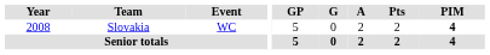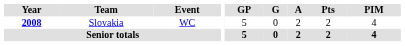 <table border="0" cellpadding="1" cellspacing="0" ID="Table3" style="text-align:center; width:40em">
 <tr ALIGN="center" bgcolor="#e0e0e0">
 <th>Year</th>
 <th>Team</th>
 <th>Event</th>
 <th rowspan="99" bgcolor="#ffffff"></th>
 <th>GP</th>
 <th>G</th>
 <th>A</th>
 <th>Pts</th>
 <th>PIM</th>
 </tr>
 <tr>
-<td><a href='#'>2008</a></td>
+<td><strong><a href='#'>2008</a></strong></td>
 <td><a href='#'>Slovakia</a></td>
 <td><a href='#'>WC</a></td>
 <td>5</td>
 <td>0</td>
 <td>2</td>
 <td>2</td>
-<td><strong>4</strong></td>
+<td>4</td>
 </tr>
 <tr bgcolor="#e0e0e0">
 <th colspan="3">Senior totals</th>
 <th>5</th>
 <th>0</th>
 <th>2</th>
 <th>2</th>
 <th>4</th>
 </tr>
 </table>
